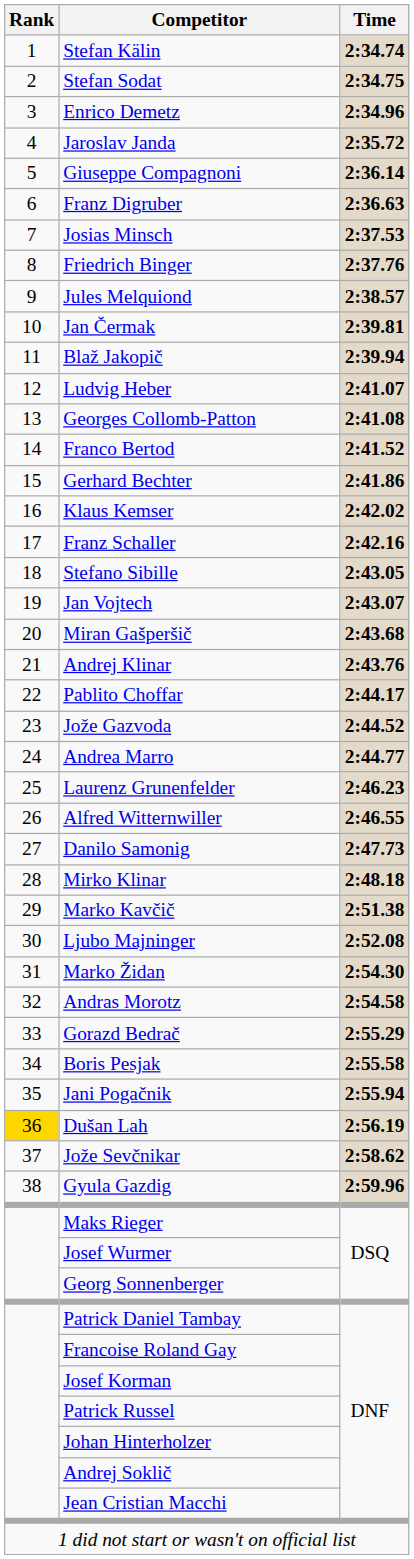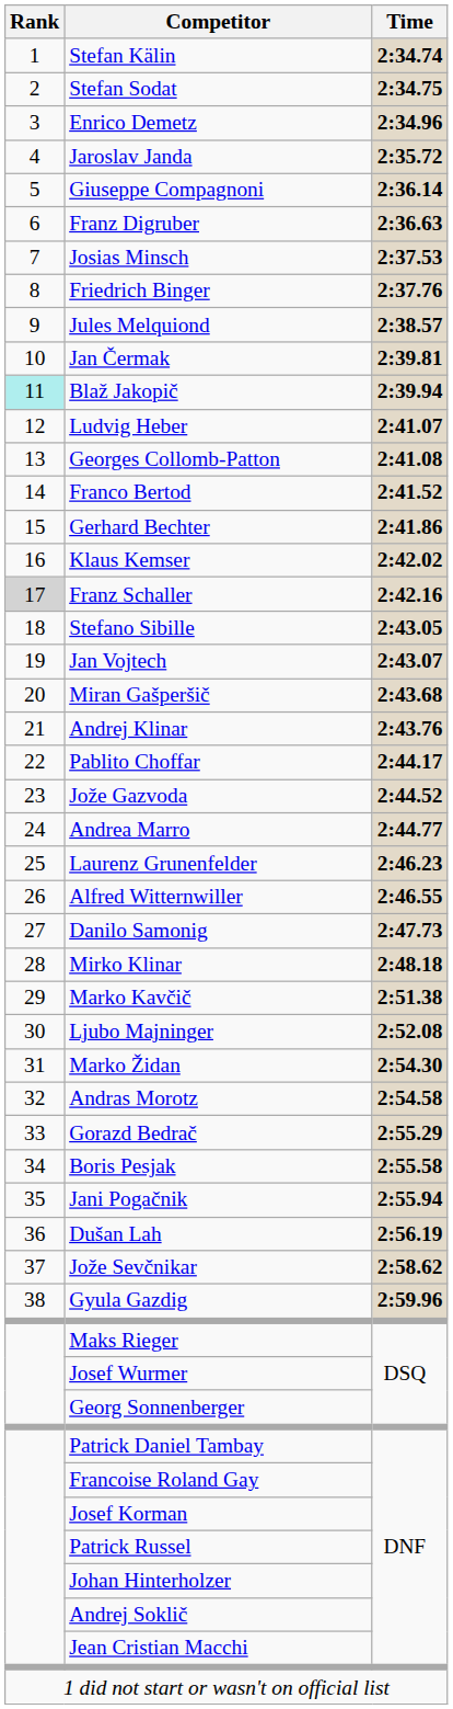 <table class="wikitable">
 <tr>
 <th width=35>Rank</th>
 <th width=225>Competitor</th>
 <th width=50>Time</th>
 </tr>
 <tr>
 <td align=center>1</td>
 <td> <a href='#'>Stefan Kälin</a></td>
 <td align=center bgcolor=#E3DAC9><strong>2:34.74</strong></td>
 </tr>
 <tr>
 <td align=center>2</td>
 <td> <a href='#'>Stefan Sodat</a></td>
 <td align=center bgcolor=#E3DAC9><strong>2:34.75</strong></td>
 </tr>
 <tr>
 <td align=center>3</td>
 <td> <a href='#'>Enrico Demetz</a></td>
 <td align=center bgcolor=#E3DAC9><strong>2:34.96</strong></td>
 </tr>
 <tr>
 <td align=center>4</td>
 <td> <a href='#'>Jaroslav Janda</a></td>
 <td align=center bgcolor=#E3DAC9><strong>2:35.72</strong></td>
 </tr>
 <tr>
 <td align=center>5</td>
 <td> <a href='#'>Giuseppe Compagnoni</a></td>
 <td align=center bgcolor=#E3DAC9><strong>2:36.14</strong></td>
 </tr>
 <tr>
 <td align=center>6</td>
 <td> <a href='#'>Franz Digruber</a></td>
 <td align=center bgcolor=#E3DAC9><strong>2:36.63</strong></td>
 </tr>
 <tr>
 <td align=center>7</td>
 <td> <a href='#'>Josias Minsch</a></td>
 <td align=center bgcolor=#E3DAC9><strong>2:37.53</strong></td>
 </tr>
 <tr>
 <td align=center>8</td>
 <td> <a href='#'>Friedrich Binger</a></td>
 <td align=center bgcolor=#E3DAC9><strong>2:37.76</strong></td>
 </tr>
 <tr>
 <td align=center>9</td>
 <td> <a href='#'>Jules Melquiond</a></td>
 <td align=center bgcolor=#E3DAC9><strong>2:38.57</strong></td>
 </tr>
 <tr>
 <td align=center>10</td>
 <td> <a href='#'>Jan Čermak</a></td>
 <td align=center bgcolor=#E3DAC9><strong>2:39.81</strong></td>
 </tr>
 <tr>
-<td align=center>11</td>
+<td align=center style="background: paleturquoise;">11</td>
 <td> <a href='#'>Blaž Jakopič</a></td>
 <td align=center bgcolor=#E3DAC9><strong>2:39.94</strong></td>
 </tr>
 <tr>
 <td align=center>12</td>
 <td> <a href='#'>Ludvig Heber</a></td>
 <td align=center bgcolor=#E3DAC9><strong>2:41.07</strong></td>
 </tr>
 <tr>
 <td align=center>13</td>
 <td> <a href='#'>Georges Collomb-Patton</a></td>
 <td align=center bgcolor=#E3DAC9><strong>2:41.08</strong></td>
 </tr>
 <tr>
 <td align=center>14</td>
 <td> <a href='#'>Franco Bertod</a></td>
 <td align=center bgcolor=#E3DAC9><strong>2:41.52</strong></td>
 </tr>
 <tr>
 <td align=center>15</td>
 <td> <a href='#'>Gerhard Bechter</a></td>
 <td align=center bgcolor=#E3DAC9><strong>2:41.86</strong></td>
 </tr>
 <tr>
 <td align=center>16</td>
 <td> <a href='#'>Klaus Kemser</a></td>
 <td align=center bgcolor=#E3DAC9><strong>2:42.02</strong></td>
 </tr>
 <tr>
-<td align=center>17</td>
+<td align=center style="background: lightgrey;">17</td>
 <td> <a href='#'>Franz Schaller</a></td>
 <td align=center bgcolor=#E3DAC9><strong>2:42.16</strong></td>
 </tr>
 <tr>
 <td align=center>18</td>
 <td> <a href='#'>Stefano Sibille</a></td>
 <td align=center bgcolor=#E3DAC9><strong>2:43.05</strong></td>
 </tr>
 <tr>
 <td align=center>19</td>
 <td> <a href='#'>Jan Vojtech</a></td>
 <td align=center bgcolor=#E3DAC9><strong>2:43.07</strong></td>
 </tr>
 <tr>
 <td align=center>20</td>
 <td> <a href='#'>Miran Gašperšič</a></td>
 <td align=center bgcolor=#E3DAC9><strong>2:43.68</strong></td>
 </tr>
 <tr>
 <td align=center>21</td>
 <td> <a href='#'>Andrej Klinar</a></td>
 <td align=center bgcolor=#E3DAC9><strong>2:43.76</strong></td>
 </tr>
 <tr>
 <td align=center>22</td>
 <td> <a href='#'>Pablito Choffar</a></td>
 <td align=center bgcolor=#E3DAC9><strong>2:44.17</strong></td>
 </tr>
 <tr>
 <td align=center>23</td>
 <td> <a href='#'>Jože Gazvoda</a></td>
 <td align=center bgcolor=#E3DAC9><strong>2:44.52</strong></td>
 </tr>
 <tr>
 <td align=center>24</td>
 <td> <a href='#'>Andrea Marro</a></td>
 <td align=center bgcolor=#E3DAC9><strong>2:44.77</strong></td>
 </tr>
 <tr>
 <td align=center>25</td>
 <td> <a href='#'>Laurenz Grunenfelder</a></td>
 <td align=center bgcolor=#E3DAC9><strong>2:46.23</strong></td>
 </tr>
 <tr>
 <td align=center>26</td>
 <td> <a href='#'>Alfred Witternwiller</a></td>
 <td align=center bgcolor=#E3DAC9><strong>2:46.55</strong></td>
 </tr>
 <tr>
 <td align=center>27</td>
 <td> <a href='#'>Danilo Samonig</a></td>
 <td align=center bgcolor=#E3DAC9><strong>2:47.73</strong></td>
 </tr>
 <tr>
 <td align=center>28</td>
 <td> <a href='#'>Mirko Klinar</a></td>
 <td align=center bgcolor=#E3DAC9><strong>2:48.18</strong></td>
 </tr>
 <tr>
 <td align=center>29</td>
 <td> <a href='#'>Marko Kavčič</a></td>
 <td align=center bgcolor=#E3DAC9><strong>2:51.38</strong></td>
 </tr>
 <tr>
 <td align=center>30</td>
 <td> <a href='#'>Ljubo Majninger</a></td>
 <td align=center bgcolor=#E3DAC9><strong>2:52.08</strong></td>
 </tr>
 <tr>
 <td align=center>31</td>
 <td> <a href='#'>Marko Židan</a></td>
 <td align=center bgcolor=#E3DAC9><strong>2:54.30</strong></td>
 </tr>
 <tr>
 <td align=center>32</td>
 <td> <a href='#'>Andras Morotz</a></td>
 <td align=center bgcolor=#E3DAC9><strong>2:54.58</strong></td>
 </tr>
 <tr>
 <td align=center>33</td>
 <td> <a href='#'>Gorazd Bedrač</a></td>
 <td align=center bgcolor=#E3DAC9><strong>2:55.29</strong></td>
 </tr>
 <tr>
 <td align=center>34</td>
 <td> <a href='#'>Boris Pesjak</a></td>
 <td align=center bgcolor=#E3DAC9><strong>2:55.58</strong></td>
 </tr>
 <tr>
 <td align=center>35</td>
 <td> <a href='#'>Jani Pogačnik</a></td>
 <td align=center bgcolor=#E3DAC9><strong>2:55.94</strong></td>
 </tr>
 <tr>
-<td align=center style="background: gold;">36</td>
+<td align=center>36</td>
 <td> <a href='#'>Dušan Lah</a></td>
 <td align=center bgcolor=#E3DAC9><strong>2:56.19</strong></td>
 </tr>
 <tr>
 <td align=center>37</td>
 <td> <a href='#'>Jože Sevčnikar</a></td>
 <td align=center bgcolor=#E3DAC9><strong>2:58.62</strong></td>
 </tr>
 <tr>
 <td align=center>38</td>
 <td> <a href='#'>Gyula Gazdig</a></td>
 <td align=center bgcolor=#E3DAC9><strong>2:59.96</strong></td>
 </tr>
 <tr>
 <td rowspan=3 style="border-top-width:5px"></td>
 <td style="border-top-width:5px"> <a href='#'>Maks Rieger</a></td>
 <td rowspan=3 align=center style="border-top-width:5px">DSQ 	  	 </td>
 </tr>
 <tr>
 <td> <a href='#'>Josef Wurmer</a> 		  	 </td>
 </tr>
 <tr>
 <td> <a href='#'>Georg Sonnenberger</a></td>
 </tr>
 <tr>
 <td rowspan=7 style="border-top-width:5px"></td>
 <td style="border-top-width:5px"> <a href='#'>Patrick Daniel Tambay</a></td>
 <td rowspan=7 align=center style="border-top-width:5px">DNF 	  	 </td>
 </tr>
 <tr>
 <td> <a href='#'>Francoise Roland Gay</a>  	  	 </td>
 </tr>
 <tr>
 <td> <a href='#'>Josef Korman</a> 		  	 </td>
 </tr>
 <tr>
 <td> <a href='#'>Patrick Russel</a> 	  	 </td>
 </tr>
 <tr>
 <td> <a href='#'>Johan Hinterholzer</a> 	 		  	 </td>
 </tr>
 <tr>
 <td> <a href='#'>Andrej Soklič</a> 	  	 </td>
 </tr>
 <tr>
 <td> <a href='#'>Jean Cristian Macchi</a> 	 	  	 </td>
 </tr>
 <tr>
 <td align=center colspan=3 style="border-top-width:5px"><em>1 did not start or wasn't on official list</em></td>
 </tr>
 </table>
